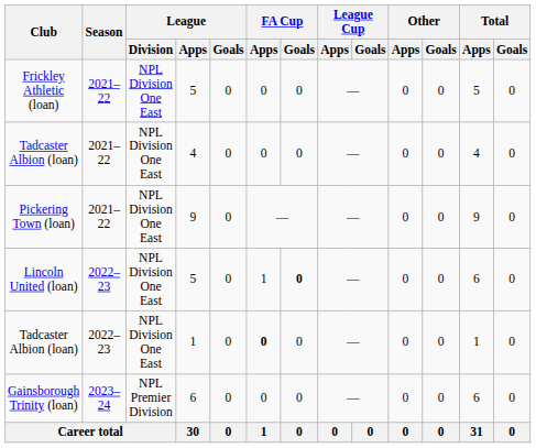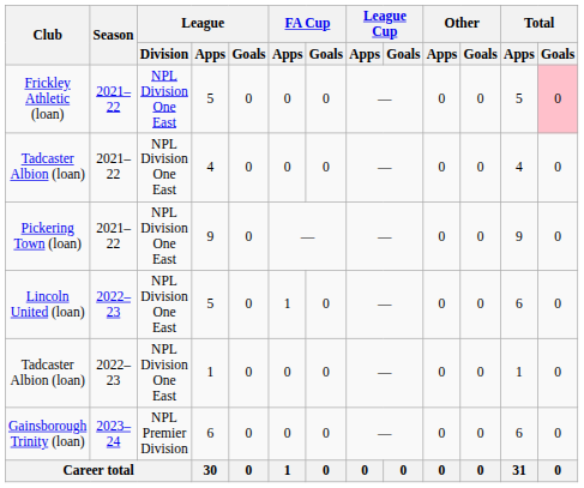 <table class="wikitable" style="text-align: center">
 <tr>
 <th rowspan="2">Club</th>
 <th rowspan="2">Season</th>
 <th colspan="3">League</th>
 <th colspan="2"><a href='#'>FA Cup</a></th>
 <th colspan="2"><a href='#'>League Cup</a></th>
 <th colspan="2">Other</th>
 <th colspan="2">Total</th>
 </tr>
 <tr>
 <th>Division</th>
 <th>Apps</th>
 <th>Goals</th>
 <th>Apps</th>
 <th>Goals</th>
 <th>Apps</th>
 <th>Goals</th>
 <th>Apps</th>
 <th>Goals</th>
 <th>Apps</th>
 <th>Goals</th>
 </tr>
 <tr>
 <td><a href='#'>Frickley Athletic</a> (loan)</td>
 <td><a href='#'>2021–22</a></td>
 <td><a href='#'>NPL Division One East</a></td>
 <td>5</td>
 <td>0</td>
 <td>0</td>
 <td>0</td>
 <td colspan="2">—</td>
 <td>0</td>
 <td>0</td>
 <td>5</td>
-<td>0</td>
+<td style="background: pink;">0</td>
 </tr>
 <tr>
 <td><a href='#'>Tadcaster Albion</a> (loan)</td>
 <td>2021–22</td>
 <td>NPL Division One East</td>
 <td>4</td>
 <td>0</td>
 <td>0</td>
 <td>0</td>
 <td colspan="2">—</td>
 <td>0</td>
 <td>0</td>
 <td>4</td>
 <td>0</td>
 </tr>
 <tr>
 <td><a href='#'>Pickering Town</a> (loan)</td>
 <td>2021–22</td>
 <td>NPL Division One East</td>
 <td>9</td>
 <td>0</td>
 <td colspan="2">—</td>
 <td colspan="2">—</td>
 <td>0</td>
 <td>0</td>
 <td>9</td>
 <td>0</td>
 </tr>
 <tr>
 <td><a href='#'>Lincoln United</a> (loan)</td>
 <td><a href='#'>2022–23</a></td>
 <td>NPL Division One East</td>
 <td>5</td>
 <td>0</td>
 <td>1</td>
-<td><strong>0</strong></td>
+<td>0</td>
 <td colspan="2">—</td>
 <td>0</td>
 <td>0</td>
 <td>6</td>
 <td>0</td>
 </tr>
 <tr>
 <td>Tadcaster Albion (loan)</td>
 <td>2022–23</td>
 <td>NPL Division One East</td>
 <td>1</td>
 <td>0</td>
-<td><strong>0</strong></td>
+<td>0</td>
 <td>0</td>
 <td colspan="2">—</td>
 <td>0</td>
 <td>0</td>
 <td>1</td>
 <td>0</td>
 </tr>
 <tr>
 <td><a href='#'>Gainsborough Trinity</a> (loan)</td>
 <td><a href='#'>2023–24</a></td>
 <td>NPL Premier Division</td>
 <td>6</td>
 <td>0</td>
 <td>0</td>
 <td>0</td>
 <td colspan="2">—</td>
 <td>0</td>
 <td>0</td>
 <td>6</td>
 <td>0</td>
 </tr>
 <tr>
 <th colspan="3">Career total</th>
 <th>30</th>
 <th>0</th>
 <th>1</th>
 <th>0</th>
 <th>0</th>
 <th>0</th>
 <th>0</th>
 <th>0</th>
 <th>31</th>
 <th>0</th>
 </tr>
 </table>
